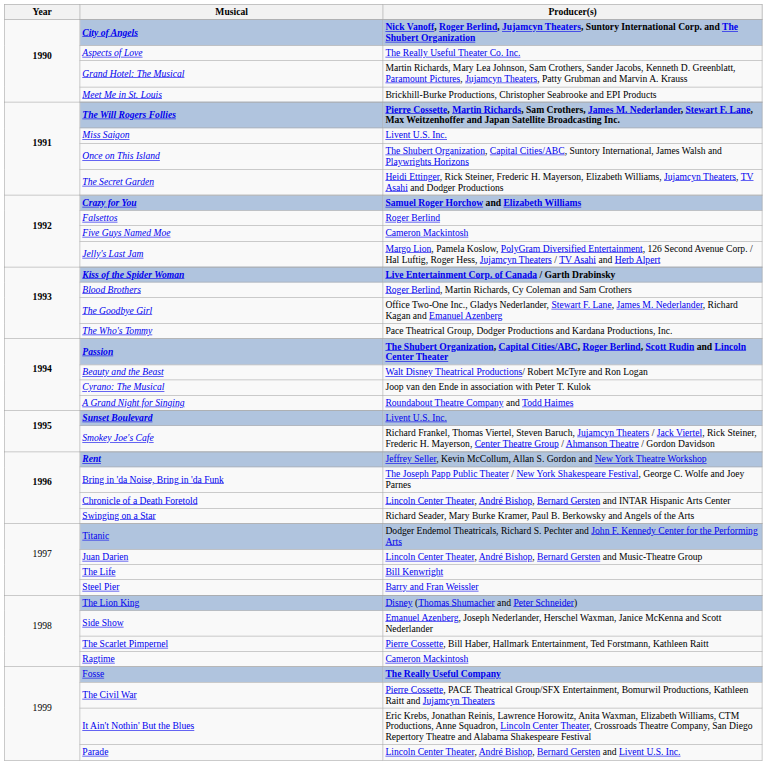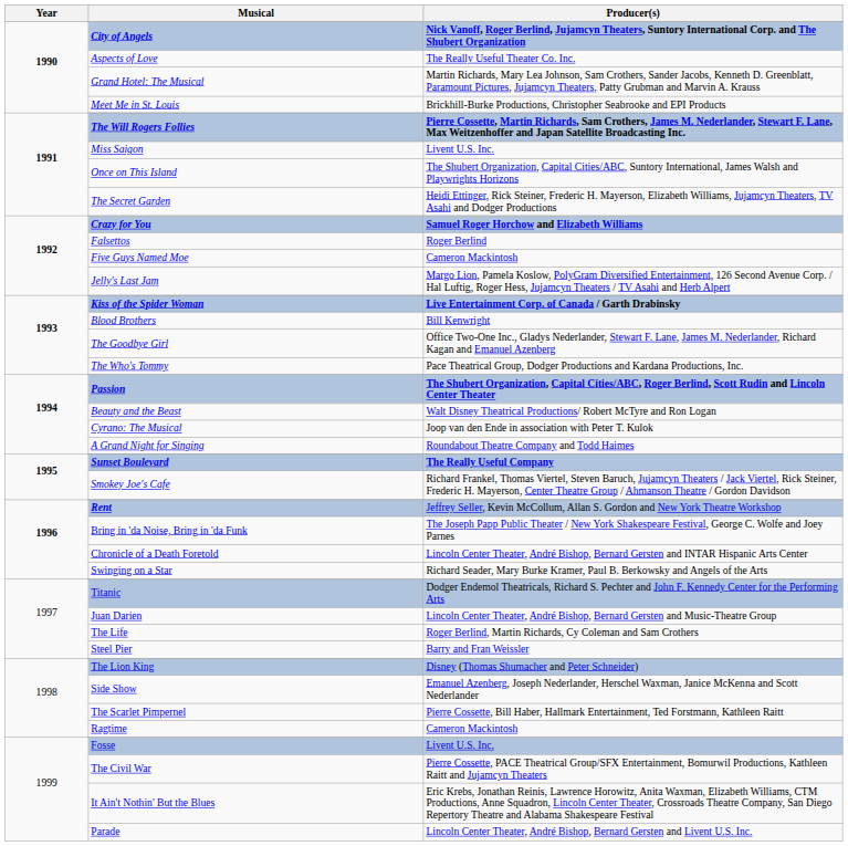 <table class="wikitable" style="width:100%;">
 <tr style="background:#bebebe;">
 <th style="width:10%;">Year</th>
 <th style="width:40%;">Musical</th>
 <th style="width:50%;">Producer(s)</th>
 </tr>
 <tr>
 <td rowspan="5" align="center"><strong>1990</strong><br><br></td>
 </tr>
 <tr style="background:#B0C4DE">
 <td><em><a href='#'><strong>City of Angels</strong></a></em><br><strong></strong></td>
 <td><strong><a href='#'>Nick Vanoff</a>, <a href='#'>Roger Berlind</a>, <a href='#'>Jujamcyn Theaters</a>, Suntory International Corp. and <a href='#'>The Shubert Organization</a></strong></td>
 </tr>
 <tr>
 <td><em><a href='#'>Aspects of Love</a></em><br></td>
 <td><a href='#'>The Really Useful Theater Co. Inc.</a></td>
 </tr>
 <tr>
 <td><em><a href='#'>Grand Hotel: The Musical</a></em><br></td>
 <td>Martin Richards, Mary Lea Johnson, Sam Crothers, Sander Jacobs, Kenneth D. Greenblatt, <a href='#'>Paramount Pictures</a>, <a href='#'>Jujamcyn Theaters</a>, Patty Grubman and Marvin A. Krauss</td>
 </tr>
 <tr>
 <td><em><a href='#'>Meet Me in St. Louis</a></em><br></td>
 <td>Brickhill-Burke Productions, Christopher Seabrooke and EPI Products</td>
 </tr>
 <tr>
 <td rowspan="5" align="center"><strong>1991</strong><br><br></td>
 </tr>
 <tr style="background:#B0C4DE">
 <td><strong><em><a href='#'>The Will Rogers Follies</a></em></strong><br><strong></strong></td>
 <td><strong><a href='#'>Pierre Cossette</a>, <a href='#'>Martin Richards</a>, Sam Crothers, <a href='#'>James M. Nederlander</a>, <a href='#'>Stewart F. Lane</a>, Max Weitzenhoffer and Japan Satellite Broadcasting Inc.</strong></td>
 </tr>
 <tr>
 <td><em><a href='#'>Miss Saigon</a></em><br></td>
 <td><a href='#'>Livent U.S. Inc.</a></td>
 </tr>
 <tr>
 <td><em><a href='#'>Once on This Island</a></em><br></td>
 <td><a href='#'>The Shubert Organization</a>, <a href='#'>Capital Cities/ABC</a>, Suntory International, James Walsh and <a href='#'>Playwrights Horizons</a></td>
 </tr>
 <tr>
 <td><em><a href='#'>The Secret Garden</a></em><br></td>
 <td><a href='#'>Heidi Ettinger</a>, Rick Steiner, Frederic H. Mayerson, Elizabeth Williams, <a href='#'>Jujamcyn Theaters</a>, <a href='#'>TV Asahi</a> and Dodger Productions</td>
 </tr>
 <tr>
 <td rowspan="5" align="center"><strong>1992</strong><br><br></td>
 </tr>
 <tr style="background:#B0C4DE">
 <td><em><a href='#'><strong>Crazy for You</strong></a></em><br><strong></strong></td>
 <td><strong><a href='#'>Samuel Roger Horchow</a> and <a href='#'>Elizabeth Williams</a></strong></td>
 </tr>
 <tr>
 <td><em><a href='#'>Falsettos</a></em><br></td>
 <td><a href='#'>Roger Berlind</a></td>
 </tr>
 <tr>
 <td><em><a href='#'>Five Guys Named Moe</a></em><br></td>
 <td><a href='#'>Cameron Mackintosh</a></td>
 </tr>
 <tr>
 <td><em><a href='#'>Jelly's Last Jam</a></em><br></td>
 <td><a href='#'>Margo Lion</a>, Pamela Koslow, <a href='#'>PolyGram Diversified Entertainment</a>, 126 Second Avenue Corp. / Hal Luftig, Roger Hess, <a href='#'>Jujamcyn Theaters</a> / <a href='#'>TV Asahi</a> and <a href='#'>Herb Alpert</a></td>
 </tr>
 <tr>
 <td rowspan="5" align="center"><strong>1993</strong><br><br></td>
 </tr>
 <tr style="background:#B0C4DE">
 <td><em><a href='#'><strong>Kiss of the Spider Woman</strong></a></em><br><strong></strong></td>
 <td><strong><a href='#'>Live Entertainment Corp. of Canada</a> / Garth Drabinsky</strong></td>
 </tr>
 <tr>
 <td><em><a href='#'>Blood Brothers</a></em><br></td>
-<td><a href='#'>Roger Berlind</a>, Martin Richards, Cy Coleman and Sam Crothers</td>
+<td><a href='#'>Bill Kenwright</a></td>
 </tr>
 <tr>
 <td><em><a href='#'>The Goodbye Girl</a></em><br></td>
 <td>Office Two-One Inc., Gladys Nederlander, <a href='#'>Stewart F. Lane</a>, <a href='#'>James M. Nederlander</a>, Richard Kagan and <a href='#'>Emanuel Azenberg</a></td>
 </tr>
 <tr>
 <td><em><a href='#'>The Who's Tommy</a></em><br></td>
 <td>Pace Theatrical Group, Dodger Productions and Kardana Productions, Inc.</td>
 </tr>
 <tr>
 <td rowspan="5" align="center"><strong>1994</strong><br><br></td>
 </tr>
 <tr style="background:#B0C4DE">
 <td><em><a href='#'><strong>Passion</strong></a></em><br><strong></strong></td>
 <td><strong><a href='#'>The Shubert Organization</a>, <a href='#'>Capital Cities/ABC</a>, <a href='#'>Roger Berlind</a>, <a href='#'>Scott Rudin</a> and <a href='#'>Lincoln Center Theater</a></strong></td>
 </tr>
 <tr>
 <td><em><a href='#'>Beauty and the Beast</a></em><br></td>
 <td><a href='#'>Walt Disney Theatrical Productions</a>/ Robert McTyre and Ron Logan</td>
 </tr>
 <tr>
 <td><em><a href='#'>Cyrano: The Musical</a></em><br></td>
 <td>Joop van den Ende in association with Peter T. Kulok</td>
 </tr>
 <tr>
 <td><em><a href='#'>A Grand Night for Singing</a></em><br></td>
 <td><a href='#'>Roundabout Theatre Company</a> and <a href='#'>Todd Haimes</a></td>
 </tr>
 <tr>
 <td rowspan="3" align="center"><strong>1995</strong><br><br></td>
 </tr>
 <tr style="background:#B0C4DE">
 <td><em><a href='#'><strong>Sunset Boulevard</strong></a></em><br><strong></strong></td>
-<td><a href='#'></strong>Livent U.S. Inc.<strong></a></td>
+<td><a href='#'><strong>The Really Useful Company</strong></a></td>
 </tr>
 <tr>
 <td><em><a href='#'>Smokey Joe's Cafe</a></em><br></td>
 <td>Richard Frankel, Thomas Viertel, Steven Baruch, <a href='#'>Jujamcyn Theaters</a> / <a href='#'>Jack Viertel</a>, Rick Steiner, Frederic H. Mayerson, <a href='#'>Center Theatre Group</a> / <a href='#'>Ahmanson Theatre</a> / Gordon Davidson</td>
 </tr>
 <tr>
 <td rowspan="5" align="center"><strong>1996</strong><br><br></td>
 </tr>
 <tr style="background:#B0C4DE">
 <td><strong><em><a href='#'>Rent</a><em> <strong><br></strong><strong></td>
 <td></strong><a href='#'>Jeffrey Seller</a>, Kevin McCollum, Allan S. Gordon and <a href='#'>New York Theatre Workshop</a><strong></td>
 </tr>
 <tr>
 <td></em><a href='#'>Bring in 'da Noise, Bring in 'da Funk</a><em><br></td>
 <td><a href='#'>The Joseph Papp Public Theater</a> / <a href='#'>New York Shakespeare Festival</a>, George C. Wolfe and Joey Parnes</td>
 </tr>
 <tr>
 <td></em><a href='#'>Chronicle of a Death Foretold</a><em><br></td>
 <td><a href='#'>Lincoln Center Theater</a>, <a href='#'>André Bishop</a>, <a href='#'>Bernard Gersten</a> and INTAR Hispanic Arts Center</td>
 </tr>
 <tr>
 <td></em><a href='#'>Swinging on a Star</a><em><br></td>
 <td>Richard Seader, Mary Burke Kramer, Paul B. Berkowsky and Angels of the Arts</td>
 </tr>
 <tr>
 <td rowspan="5" align="center"></strong>1997<strong><br><br></td>
 </tr>
 <tr style="background:#B0C4DE">
 <td></em><a href='#'></strong>Titanic<strong></a><em><br></strong><strong></td>
 <td></strong>Dodger Endemol Theatricals, Richard S. Pechter and <a href='#'>John F. Kennedy Center for the Performing Arts</a><strong></td>
 </tr>
 <tr>
 <td></em><a href='#'>Juan Darien</a><em><br></td>
 <td><a href='#'>Lincoln Center Theater</a>, <a href='#'>André Bishop</a>, <a href='#'>Bernard Gersten</a> and Music-Theatre Group</td>
 </tr>
 <tr>
 <td></em><a href='#'>The Life</a><em><br></td>
-<td><a href='#'>Bill Kenwright</a></td>
+<td><a href='#'>Roger Berlind</a>, Martin Richards, Cy Coleman and Sam Crothers</td>
 </tr>
 <tr>
 <td></em><a href='#'>Steel Pier</a><em><br></td>
 <td><a href='#'>Barry and Fran Weissler</a></td>
 </tr>
 <tr>
 <td rowspan="5" align="center"></strong>1998<strong><br><br></td>
 </tr>
 <tr style="background:#B0C4DE">
 <td></em><a href='#'></strong>The Lion King<strong></a><em><br></strong><strong></td>
 <td></strong><a href='#'>Disney</a> (<a href='#'>Thomas Shumacher</a> and <a href='#'>Peter Schneider</a>)<strong></td>
 </tr>
 <tr>
 <td></em><a href='#'>Side Show</a><em><br></td>
 <td><a href='#'>Emanuel Azenberg</a>, Joseph Nederlander, Herschel Waxman, Janice McKenna and Scott Nederlander</td>
 </tr>
 <tr>
 <td></em><a href='#'>The Scarlet Pimpernel</a><em><br></td>
 <td><a href='#'>Pierre Cossette</a>, Bill Haber, Hallmark Entertainment, Ted Forstmann, Kathleen Raitt</td>
 </tr>
 <tr>
 <td></em><a href='#'>Ragtime</a><em><br></td>
 <td><a href='#'>Cameron Mackintosh</a></td>
 </tr>
 <tr>
 <td rowspan="5" align="center"></strong>1999<strong><br><br></td>
 </tr>
 <tr style="background:#B0C4DE">
 <td></em><a href='#'></strong>Fosse<strong></a><em><br></strong><strong></td>
-<td><a href='#'><strong>The Really Useful Company</strong></a></td>
+<td><a href='#'></strong>Livent U.S. Inc.<strong></a></td>
 </tr>
 <tr>
 <td></em><a href='#'>The Civil War</a><em><br></td>
 <td><a href='#'>Pierre Cossette</a>, PACE Theatrical Group/SFX Entertainment, Bomurwil Productions, Kathleen Raitt and <a href='#'>Jujamcyn Theaters</a></td>
 </tr>
 <tr>
 <td></em><a href='#'>It Ain't Nothin' But the Blues</a><em><br></td>
 <td>Eric Krebs, Jonathan Reinis, Lawrence Horowitz, Anita Waxman, Elizabeth Williams, CTM Productions, Anne Squadron, <a href='#'>Lincoln Center Theater</a>, Crossroads Theatre Company, San Diego Repertory Theatre and Alabama Shakespeare Festival</td>
 </tr>
 <tr>
 <td></em><a href='#'>Parade</a><em><br></td>
 <td><a href='#'>Lincoln Center Theater</a>, <a href='#'>André Bishop</a>, <a href='#'>Bernard Gersten</a> and <a href='#'>Livent U.S. Inc.</a></td>
 </tr>
 </table>
